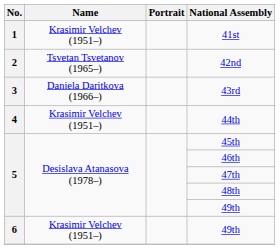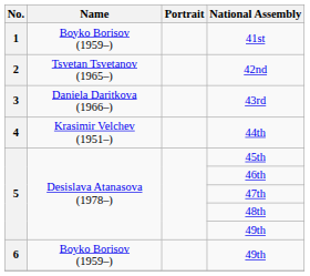 <table class="wikitable" style="text-align:center">
 <tr>
 <th>No.</th>
 <th width=180>Name<br></th>
 <th>Portrait</th>
 <th colspan=2>National Assembly</th>
 </tr>
 <tr>
 <th style="background:">1</th>
-<td><a href='#'>Krasimir Velchev</a><br>(1951–)</td>
+<td><a href='#'>Boyko Borisov</a><br>(1959–)</td>
 <td></td>
 <td><a href='#'>41st</a></td>
 </tr>
 <tr>
 <th style="background:">2</th>
 <td><a href='#'>Tsvetan Tsvetanov</a><br>(1965–)</td>
 <td></td>
 <td><a href='#'>42nd</a></td>
 </tr>
 <tr>
 <th style="background:">3</th>
 <td><a href='#'>Daniela Daritkova</a><br>(1966–)</td>
 <td></td>
 <td><a href='#'>43rd</a></td>
 </tr>
 <tr>
 <th style="background:">4</th>
 <td><a href='#'>Krasimir Velchev</a><br>(1951–)</td>
 <td></td>
 <td><a href='#'>44th</a></td>
 </tr>
 <tr>
 <th rowspan="5" style="background:">5</th>
 <td rowspan="5"><a href='#'>Desislava Atanasova</a><br>(1978–)</td>
 <td rowspan="5"></td>
 <td><a href='#'>45th</a></td>
 </tr>
 <tr>
 <td><a href='#'>46th</a></td>
 </tr>
 <tr>
 <td><a href='#'>47th</a></td>
 </tr>
 <tr>
 <td><a href='#'>48th</a></td>
 </tr>
 <tr>
 <td><a href='#'>49th</a></td>
 </tr>
 <tr>
 <th style="background:">6</th>
-<td><a href='#'>Krasimir Velchev</a><br>(1951–)</td>
+<td><a href='#'>Boyko Borisov</a><br>(1959–)</td>
 <td></td>
 <td><a href='#'>49th</a></td>
 </tr>
 <tr>
 </tr>
 </table>
